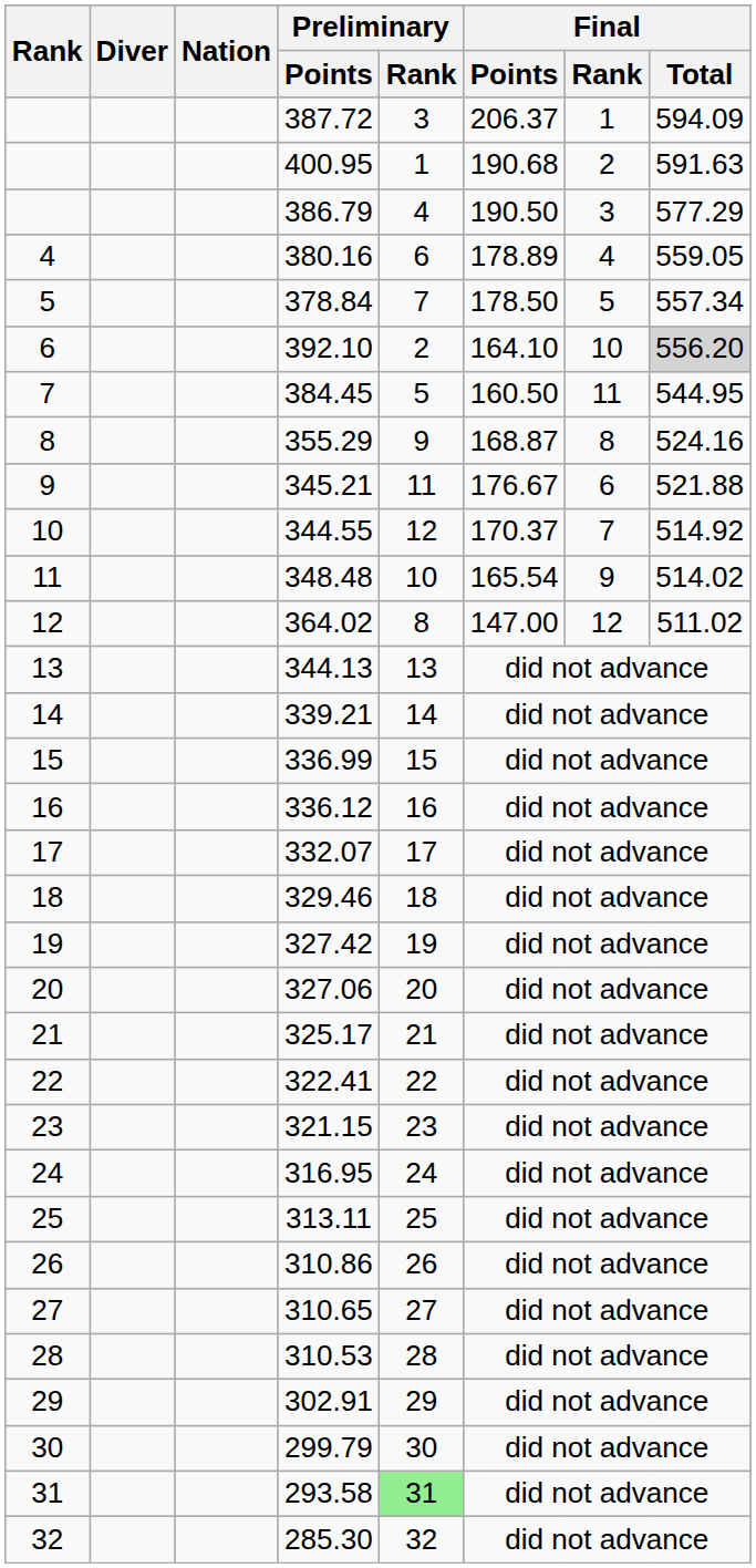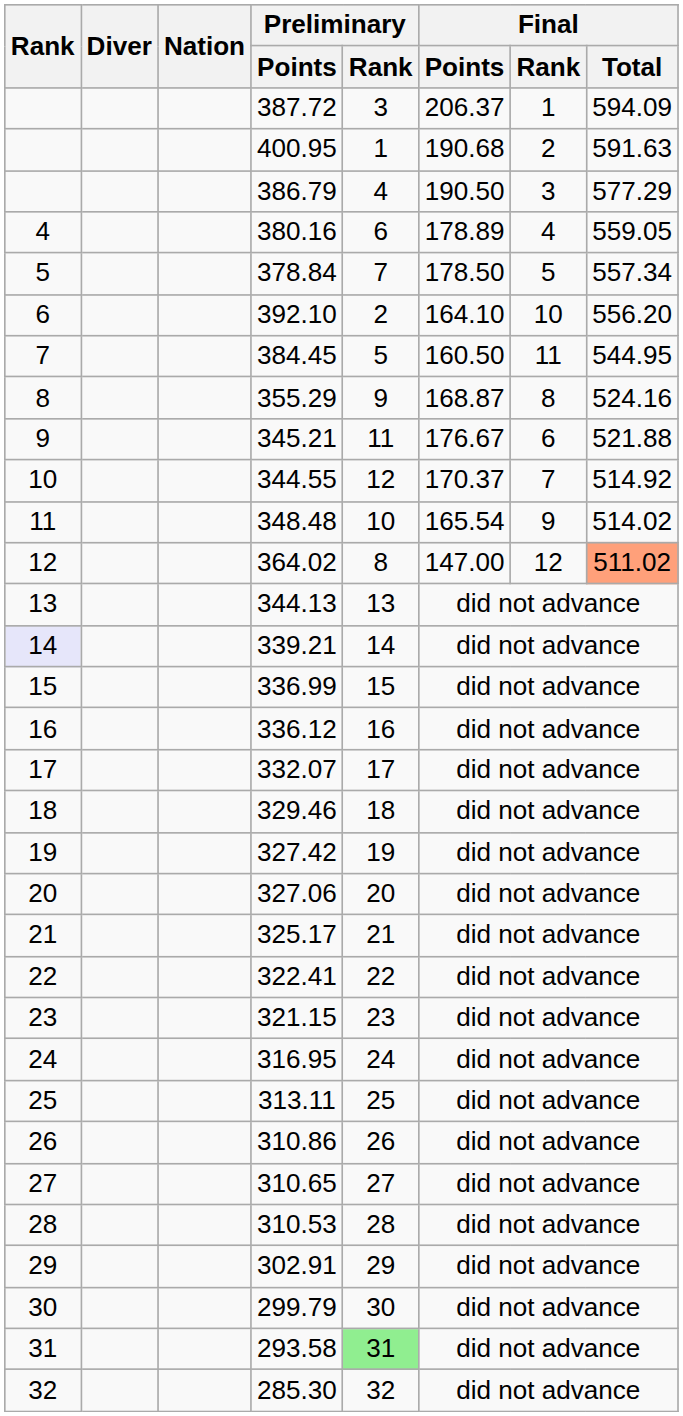 <table class="wikitable" style="text-align:center;">
 <tr>
 <th rowspan=2>Rank</th>
 <th rowspan=2>Diver</th>
 <th rowspan=2>Nation</th>
 <th colspan=2>Preliminary</th>
 <th colspan=3>Final</th>
 </tr>
 <tr>
 <th>Points</th>
 <th>Rank</th>
 <th>Points</th>
 <th>Rank</th>
 <th>Total</th>
 </tr>
 <tr>
 <td></td>
 <td align=left></td>
 <td align=left></td>
 <td>387.72</td>
 <td>3</td>
 <td>206.37</td>
 <td>1</td>
 <td>594.09</td>
 </tr>
 <tr>
 <td></td>
 <td align=left></td>
 <td align=left></td>
 <td>400.95</td>
 <td>1</td>
 <td>190.68</td>
 <td>2</td>
 <td>591.63</td>
 </tr>
 <tr>
 <td></td>
 <td align=left></td>
 <td align=left></td>
 <td>386.79</td>
 <td>4</td>
 <td>190.50</td>
 <td>3</td>
 <td>577.29</td>
 </tr>
 <tr>
 <td>4</td>
 <td align=left></td>
 <td align=left></td>
 <td>380.16</td>
 <td>6</td>
 <td>178.89</td>
 <td>4</td>
 <td>559.05</td>
 </tr>
 <tr>
 <td>5</td>
 <td align=left></td>
 <td align=left></td>
 <td>378.84</td>
 <td>7</td>
 <td>178.50</td>
 <td>5</td>
 <td>557.34</td>
 </tr>
 <tr>
 <td>6</td>
 <td align=left></td>
 <td align=left></td>
 <td>392.10</td>
 <td>2</td>
 <td>164.10</td>
 <td>10</td>
-<td style="background: lightgrey;">556.20</td>
+<td>556.20</td>
 </tr>
 <tr>
 <td>7</td>
 <td align=left></td>
 <td align=left></td>
 <td>384.45</td>
 <td>5</td>
 <td>160.50</td>
 <td>11</td>
 <td>544.95</td>
 </tr>
 <tr>
 <td>8</td>
 <td align=left></td>
 <td align=left></td>
 <td>355.29</td>
 <td>9</td>
 <td>168.87</td>
 <td>8</td>
 <td>524.16</td>
 </tr>
 <tr>
 <td>9</td>
 <td align=left></td>
 <td align=left></td>
 <td>345.21</td>
 <td>11</td>
 <td>176.67</td>
 <td>6</td>
 <td>521.88</td>
 </tr>
 <tr>
 <td>10</td>
 <td align=left></td>
 <td align=left></td>
 <td>344.55</td>
 <td>12</td>
 <td>170.37</td>
 <td>7</td>
 <td>514.92</td>
 </tr>
 <tr>
 <td>11</td>
 <td align=left></td>
 <td align=left></td>
 <td>348.48</td>
 <td>10</td>
 <td>165.54</td>
 <td>9</td>
 <td>514.02</td>
 </tr>
 <tr>
 <td>12</td>
 <td align=left></td>
 <td align=left></td>
 <td>364.02</td>
 <td>8</td>
 <td>147.00</td>
 <td>12</td>
-<td>511.02</td>
+<td style="background: lightsalmon;">511.02</td>
 </tr>
 <tr>
 <td>13</td>
 <td align=left></td>
 <td align=left></td>
 <td>344.13</td>
 <td>13</td>
 <td colspan=3>did not advance</td>
 </tr>
 <tr>
-<td>14</td>
+<td style="background: lavender;">14</td>
 <td align=left></td>
 <td align=left></td>
 <td>339.21</td>
 <td>14</td>
 <td colspan=3>did not advance</td>
 </tr>
 <tr>
 <td>15</td>
 <td align=left></td>
 <td align=left></td>
 <td>336.99</td>
 <td>15</td>
 <td colspan=3>did not advance</td>
 </tr>
 <tr>
 <td>16</td>
 <td align=left></td>
 <td align=left></td>
 <td>336.12</td>
 <td>16</td>
 <td colspan=3>did not advance</td>
 </tr>
 <tr>
 <td>17</td>
 <td align=left></td>
 <td align=left></td>
 <td>332.07</td>
 <td>17</td>
 <td colspan=3>did not advance</td>
 </tr>
 <tr>
 <td>18</td>
 <td align=left></td>
 <td align=left></td>
 <td>329.46</td>
 <td>18</td>
 <td colspan=3>did not advance</td>
 </tr>
 <tr>
 <td>19</td>
 <td align=left></td>
 <td align=left></td>
 <td>327.42</td>
 <td>19</td>
 <td colspan=3>did not advance</td>
 </tr>
 <tr>
 <td>20</td>
 <td align=left></td>
 <td align=left></td>
 <td>327.06</td>
 <td>20</td>
 <td colspan=3>did not advance</td>
 </tr>
 <tr>
 <td>21</td>
 <td align=left></td>
 <td align=left></td>
 <td>325.17</td>
 <td>21</td>
 <td colspan=3>did not advance</td>
 </tr>
 <tr>
 <td>22</td>
 <td align=left></td>
 <td align=left></td>
 <td>322.41</td>
 <td>22</td>
 <td colspan=3>did not advance</td>
 </tr>
 <tr>
 <td>23</td>
 <td align=left></td>
 <td align=left></td>
 <td>321.15</td>
 <td>23</td>
 <td colspan=3>did not advance</td>
 </tr>
 <tr>
 <td>24</td>
 <td align=left></td>
 <td align=left></td>
 <td>316.95</td>
 <td>24</td>
 <td colspan=3>did not advance</td>
 </tr>
 <tr>
 <td>25</td>
 <td align=left></td>
 <td align=left></td>
 <td>313.11</td>
 <td>25</td>
 <td colspan=3>did not advance</td>
 </tr>
 <tr>
 <td>26</td>
 <td align=left></td>
 <td align=left></td>
 <td>310.86</td>
 <td>26</td>
 <td colspan=3>did not advance</td>
 </tr>
 <tr>
 <td>27</td>
 <td align=left></td>
 <td align=left></td>
 <td>310.65</td>
 <td>27</td>
 <td colspan=3>did not advance</td>
 </tr>
 <tr>
 <td>28</td>
 <td align=left></td>
 <td align=left></td>
 <td>310.53</td>
 <td>28</td>
 <td colspan=3>did not advance</td>
 </tr>
 <tr>
 <td>29</td>
 <td align=left></td>
 <td align=left></td>
 <td>302.91</td>
 <td>29</td>
 <td colspan=3>did not advance</td>
 </tr>
 <tr>
 <td>30</td>
 <td align=left></td>
 <td align=left></td>
 <td>299.79</td>
 <td>30</td>
 <td colspan=3>did not advance</td>
 </tr>
 <tr>
 <td>31</td>
 <td align=left></td>
 <td align=left></td>
 <td>293.58</td>
 <td style="background: lightgreen;">31</td>
 <td colspan=3>did not advance</td>
 </tr>
 <tr>
 <td>32</td>
 <td align=left></td>
 <td align=left></td>
 <td>285.30</td>
 <td>32</td>
 <td colspan=3>did not advance</td>
 </tr>
 </table>
